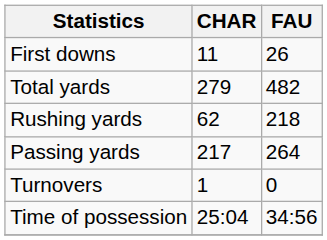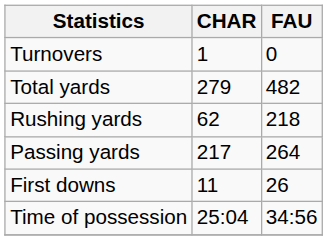 <table class="wikitable" style="float: right;">
 <tr>
 <th>Statistics</th>
 <th>CHAR</th>
 <th>FAU</th>
 </tr>
 <tr>
-<td>First downs</td>
-<td>11</td>
-<td>26</td>
+<td>Turnovers</td>
+<td>1</td>
+<td>0</td>
 </tr>
 <tr>
 <td>Total yards</td>
 <td>279</td>
 <td>482</td>
 </tr>
 <tr>
 <td>Rushing yards</td>
 <td>62</td>
 <td>218</td>
 </tr>
 <tr>
 <td>Passing yards</td>
 <td>217</td>
 <td>264</td>
 </tr>
 <tr>
-<td>Turnovers</td>
-<td>1</td>
-<td>0</td>
+<td>First downs</td>
+<td>11</td>
+<td>26</td>
 </tr>
 <tr>
 <td>Time of possession</td>
 <td>25:04</td>
 <td>34:56</td>
 </tr>
 <tr>
 </tr>
 </table>
